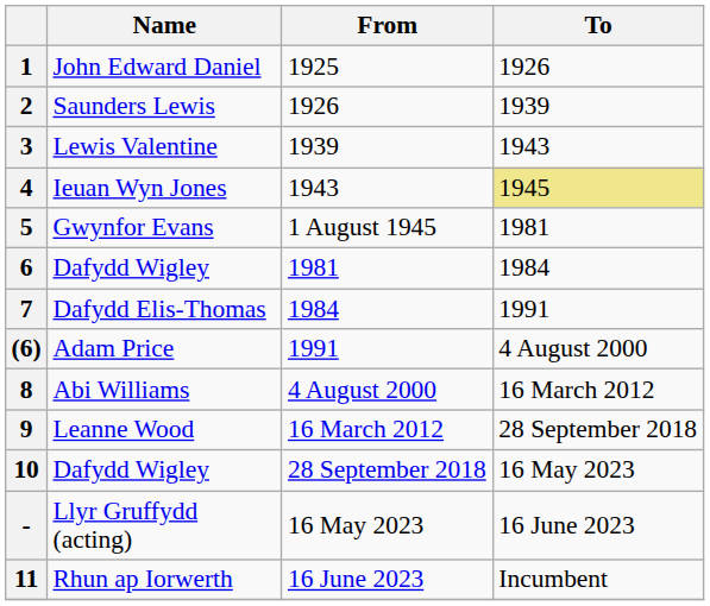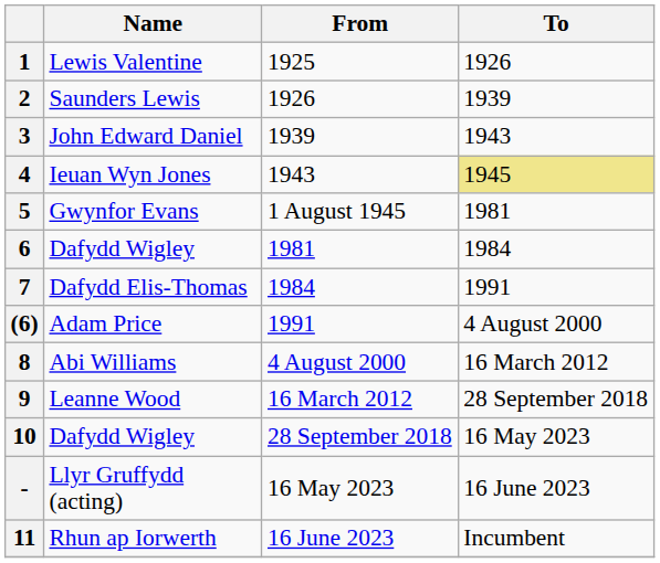 <table class="wikitable">
 <tr>
 <th></th>
 <th width=140>Name</th>
 <th width=125>From</th>
 <th width=125>To</th>
 </tr>
 <tr>
 <th style="background:">1</th>
-<td><a href='#'>John Edward Daniel</a></td>
+<td><a href='#'>Lewis Valentine</a></td>
 <td>1925</td>
 <td>1926</td>
 </tr>
 <tr>
 <th style="background:">2</th>
 <td><a href='#'>Saunders Lewis</a></td>
 <td>1926</td>
 <td>1939</td>
 </tr>
 <tr>
 <th style="background:">3</th>
-<td><a href='#'>Lewis Valentine</a></td>
+<td><a href='#'>John Edward Daniel</a></td>
 <td>1939</td>
 <td>1943</td>
 </tr>
 <tr>
 <th style="background:">4</th>
 <td><a href='#'>Ieuan Wyn Jones</a></td>
 <td>1943</td>
 <td style="background: khaki;">1945</td>
 </tr>
 <tr>
 <th style="background:">5</th>
 <td><a href='#'>Gwynfor Evans</a></td>
 <td>1 August 1945</td>
 <td>1981</td>
 </tr>
 <tr>
 <th style="background:">6</th>
 <td><a href='#'>Dafydd Wigley</a></td>
 <td><a href='#'>1981</a></td>
 <td>1984</td>
 </tr>
 <tr>
 <th style="background:">7</th>
 <td><a href='#'>Dafydd Elis-Thomas</a></td>
 <td><a href='#'>1984</a></td>
 <td>1991</td>
 </tr>
 <tr>
 <th style="background:">(6)</th>
 <td><a href='#'>Adam Price</a></td>
 <td><a href='#'>1991</a></td>
 <td>4 August 2000</td>
 </tr>
 <tr>
 <th style="background:">8</th>
 <td><a href='#'>Abi Williams</a></td>
 <td><a href='#'>4 August 2000</a></td>
 <td>16 March 2012</td>
 </tr>
 <tr>
 <th style="background:">9</th>
 <td><a href='#'>Leanne Wood</a></td>
 <td><a href='#'>16 March 2012</a></td>
 <td>28 September 2018</td>
 </tr>
 <tr>
 <th style="background:">10</th>
 <td><a href='#'>Dafydd Wigley</a></td>
 <td><a href='#'>28 September 2018</a></td>
 <td>16 May 2023</td>
 </tr>
 <tr>
 <th style="background:">-</th>
 <td><a href='#'>Llyr Gruffydd</a> (acting)</td>
 <td>16 May 2023</td>
 <td>16 June 2023</td>
 </tr>
 <tr>
 <th style="background:">11</th>
 <td><a href='#'>Rhun ap Iorwerth</a></td>
 <td><a href='#'>16 June 2023</a></td>
 <td>Incumbent</td>
 </tr>
 <tr>
 </tr>
 </table>
